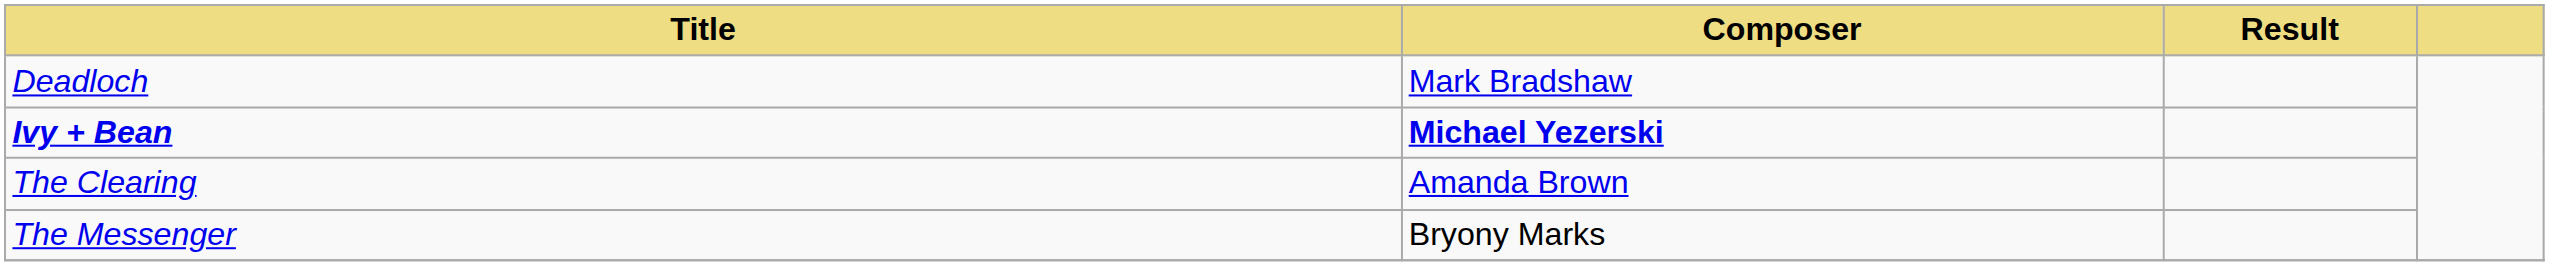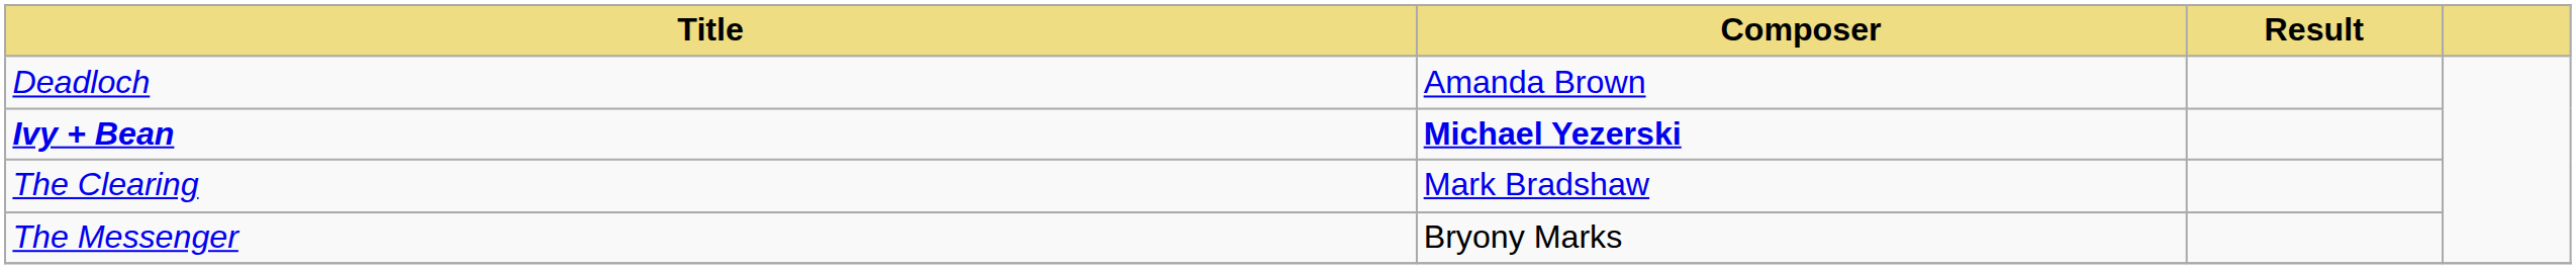 <table class="wikitable" width=100%>
 <tr>
 <th style="width:55%;background:#EEDD82;">Title</th>
 <th style="width:30%;background:#EEDD82;">Composer</th>
 <th style="width:10%;background:#EEDD82;">Result</th>
 <th style="width:5%;background:#EEDD82;"></th>
 </tr>
 <tr>
 <td><em><a href='#'>Deadloch</a></em></td>
-<td><a href='#'>Mark Bradshaw</a></td>
+<td><a href='#'>Amanda Brown</a></td>
 <td></td>
 <td rowspan="4"><br></td>
 </tr>
 <tr>
 <td><strong><em><a href='#'>Ivy + Bean</a></em></strong></td>
 <td><strong><a href='#'>Michael Yezerski</a></strong></td>
 <td></td>
 </tr>
 <tr>
 <td><em><a href='#'>The Clearing</a></em></td>
-<td><a href='#'>Amanda Brown</a></td>
+<td><a href='#'>Mark Bradshaw</a></td>
 <td></td>
 </tr>
 <tr>
 <td><em><a href='#'>The Messenger</a></em></td>
 <td>Bryony Marks</td>
 <td></td>
 </tr>
 <tr>
 </tr>
 </table>
